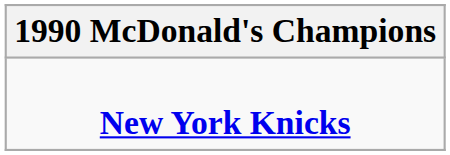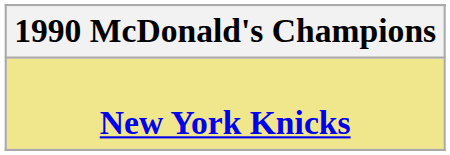 <table class=wikitable style="text-align:center; margin:auto">
 <tr>
 <th>1990 McDonald's Champions</th>
 </tr>
 <tr>
-<td><br><strong><a href='#'>New York Knicks </a></strong></td>
+<td style="background: khaki;"><br><strong><a href='#'>New York Knicks </a></strong></td>
 </tr>
 </table>
